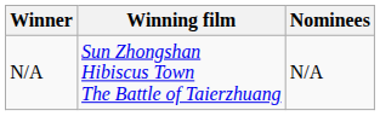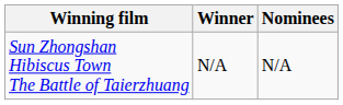 <table class="wikitable">
 <tr>
+<th>Winning film</th>
 <th>Winner</th>
-<th>Winning film</th>
 <th>Nominees</th>
 </tr>
 <tr>
+<td><em><a href='#'>Sun Zhongshan</a></em><br><em><a href='#'>Hibiscus Town</a></em><br><em><a href='#'>The Battle of Taierzhuang</a></em></td>
 <td>N/A</td>
-<td><em><a href='#'>Sun Zhongshan</a></em><br><em><a href='#'>Hibiscus Town</a></em><br><em><a href='#'>The Battle of Taierzhuang</a></em></td>
 <td>N/A</td>
 </tr>
 </table>
